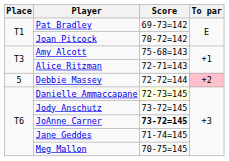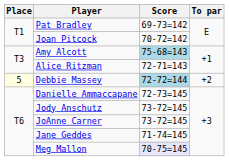 <table class="wikitable">
 <tr>
 <th>Place</th>
 <th>Player</th>
 <th>Score</th>
 <th>To par</th>
 </tr>
 <tr>
 <td align=center rowspan=2>T1</td>
 <td> <a href='#'>Pat Bradley</a></td>
 <td>69-73=142</td>
 <td align=center rowspan=2>E</td>
 </tr>
 <tr>
 <td> <a href='#'>Joan Pitcock</a></td>
 <td>70-72=142</td>
 </tr>
 <tr>
 <td align=center rowspan=2>T3</td>
 <td> <a href='#'>Amy Alcott</a></td>
-<td>75-68=143</td>
+<td style="background: lightblue;">75-68=143</td>
 <td align=center rowspan=2>+1</td>
 </tr>
 <tr>
 <td> <a href='#'>Alice Ritzman</a></td>
 <td>72-71=143</td>
 </tr>
 <tr>
-<td align=center>5</td>
+<td align=center style="background: lightyellow;">5</td>
 <td> <a href='#'>Debbie Massey</a></td>
-<td>72-72=144</td>
-<td align=center style="background: pink;">+2</td>
+<td style="background: lightblue;">72-72=144</td>
+<td align=center>+2</td>
 </tr>
 <tr>
 <td align=center rowspan=5>T6</td>
 <td> <a href='#'>Danielle Ammaccapane</a></td>
-<td style="background: lightyellow;">72-73=145</td>
+<td>72-73=145</td>
 <td align=center rowspan=5>+3</td>
 </tr>
 <tr>
 <td> <a href='#'>Jody Anschutz</a></td>
 <td>73-72=145</td>
 </tr>
 <tr>
 <td> <a href='#'>JoAnne Carner</a></td>
-<td><strong>73-72=145</strong></td>
+<td>73-72=145</td>
 </tr>
 <tr>
 <td> <a href='#'>Jane Geddes</a></td>
 <td>71-74=145</td>
 </tr>
 <tr>
 <td> <a href='#'>Meg Mallon</a></td>
-<td>70-75=145</td>
+<td style="background: lavender;">70-75=145</td>
 </tr>
 </table>
